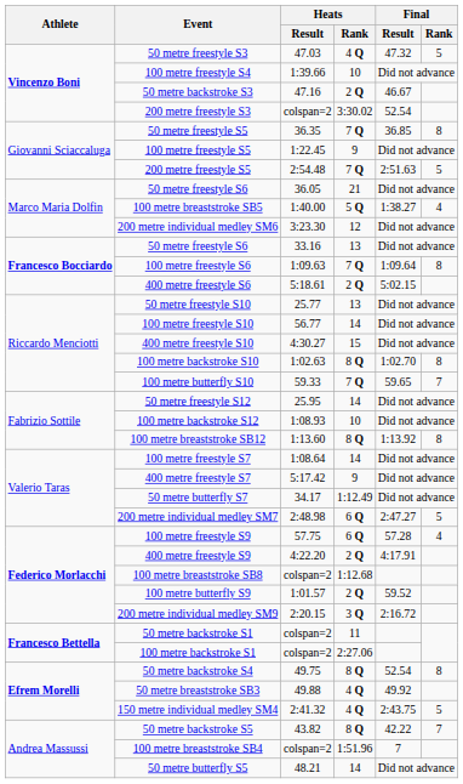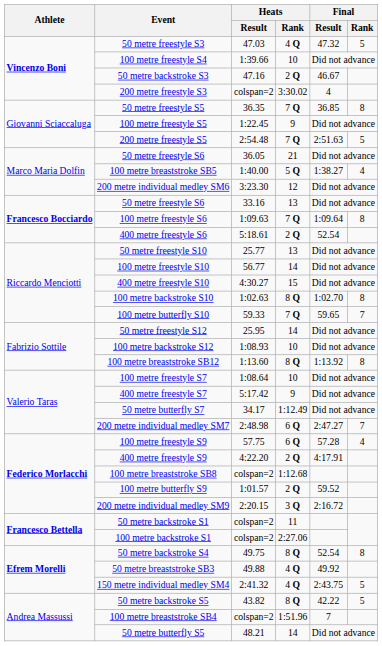 <table class=wikitable style="font-size:90%">
 <tr>
 <th rowspan="2">Athlete</th>
 <th rowspan="2">Event</th>
 <th colspan="2">Heats</th>
 <th colspan="2">Final</th>
 </tr>
 <tr>
 <th>Result</th>
 <th>Rank</th>
 <th>Result</th>
 <th>Rank</th>
 </tr>
 <tr align=center>
 <td align=left rowspan=4><strong><a href='#'>Vincenzo Boni</a></strong></td>
 <td><a href='#'>50 metre freestyle S3</a></td>
 <td>47.03</td>
 <td>4 <strong>Q</strong></td>
 <td>47.32</td>
 <td>5</td>
 </tr>
 <tr align="center">
 <td><a href='#'>100 metre freestyle S4</a></td>
 <td>1:39.66</td>
 <td>10</td>
 <td colspan="2">Did not advance</td>
 </tr>
 <tr align=center>
 <td><a href='#'>50 metre backstroke S3</a></td>
 <td>47.16</td>
 <td>2 <strong>Q</strong></td>
 <td>46.67</td>
 <td></td>
 </tr>
 <tr align=center>
 <td><a href='#'>200 metre freestyle S3</a></td>
 <td>colspan=2 </td>
 <td>3:30.02</td>
-<td>52.54</td>
+<td>4</td>
 </tr>
 <tr align="center">
 <td rowspan="3" align="left"><a href='#'>Giovanni Sciaccaluga</a></td>
 <td><a href='#'>50 metre freestyle S5</a></td>
 <td>36.35</td>
 <td>7 <strong>Q</strong></td>
 <td>36.85</td>
 <td>8</td>
 </tr>
 <tr align="center">
 <td><a href='#'>100 metre freestyle S5</a></td>
 <td>1:22.45</td>
 <td>9</td>
 <td colspan="2">Did not advance</td>
 </tr>
 <tr align="center">
 <td><a href='#'>200 metre freestyle S5</a></td>
 <td>2:54.48</td>
 <td>7 <strong>Q</strong></td>
 <td>2:51.63</td>
 <td>5</td>
 </tr>
 <tr align="center">
 <td rowspan="3" align="left"><a href='#'>Marco Maria Dolfin</a></td>
 <td><a href='#'>50 metre freestyle S6</a></td>
 <td>36.05</td>
 <td>21</td>
 <td colspan="2">Did not advance</td>
 </tr>
 <tr align=center>
 <td><a href='#'>100 metre breaststroke SB5</a></td>
 <td>1:40.00</td>
 <td>5 <strong>Q</strong></td>
 <td>1:38.27</td>
 <td>4</td>
 </tr>
 <tr align=center>
 <td><a href='#'>200 metre individual medley SM6</a></td>
 <td>3:23.30</td>
 <td>12</td>
 <td colspan=2>Did not advance</td>
 </tr>
 <tr align=center>
 <td align=left rowspan=3><strong><a href='#'>Francesco Bocciardo</a></strong></td>
 <td><a href='#'>50 metre freestyle S6</a></td>
 <td>33.16</td>
 <td>13</td>
 <td colspan=2>Did not advance</td>
 </tr>
 <tr align=center>
 <td><a href='#'>100 metre freestyle S6</a></td>
 <td>1:09.63</td>
 <td>7 <strong>Q</strong></td>
 <td>1:09.64</td>
 <td>8</td>
 </tr>
 <tr align=center>
 <td><a href='#'>400 metre freestyle S6</a></td>
 <td>5:18.61</td>
 <td>2 <strong>Q</strong></td>
-<td>5:02.15</td>
+<td>52.54</td>
 <td></td>
 </tr>
 <tr align=center>
 <td align=left rowspan=5><a href='#'>Riccardo Menciotti</a></td>
 <td><a href='#'>50 metre freestyle S10</a></td>
 <td>25.77</td>
 <td>13</td>
 <td colspan=2>Did not advance</td>
 </tr>
 <tr align=center>
 <td><a href='#'>100 metre freestyle S10</a></td>
 <td>56.77</td>
 <td>14</td>
 <td colspan=2>Did not advance</td>
 </tr>
 <tr align=center>
 <td><a href='#'>400 metre freestyle S10</a></td>
 <td>4:30.27</td>
 <td>15</td>
 <td colspan=2>Did not advance</td>
 </tr>
 <tr align=center>
 <td><a href='#'>100 metre backstroke S10</a></td>
 <td>1:02.63</td>
 <td>8 <strong>Q</strong></td>
 <td>1:02.70</td>
 <td>8</td>
 </tr>
 <tr align=center>
 <td><a href='#'>100 metre butterfly S10</a></td>
 <td>59.33</td>
 <td>7 <strong>Q</strong></td>
 <td>59.65</td>
 <td>7</td>
 </tr>
 <tr align=center>
 <td align=left rowspan=3><a href='#'>Fabrizio Sottile</a></td>
 <td><a href='#'>50 metre freestyle S12</a></td>
 <td>25.95</td>
 <td>14</td>
 <td colspan=2>Did not advance</td>
 </tr>
 <tr align=center>
 <td><a href='#'>100 metre backstroke S12</a></td>
 <td>1:08.93</td>
 <td>10</td>
 <td colspan=2>Did not advance</td>
 </tr>
 <tr align=center>
 <td><a href='#'>100 metre breaststroke SB12</a></td>
 <td>1:13.60</td>
 <td>8 <strong>Q</strong></td>
 <td>1:13.92</td>
 <td>8</td>
 </tr>
 <tr align=center>
 <td align=left rowspan=4><a href='#'>Valerio Taras</a></td>
 <td><a href='#'>100 metre freestyle S7</a></td>
 <td>1:08.64</td>
-<td>14</td>
+<td>10</td>
 <td colspan=2>Did not advance</td>
 </tr>
 <tr align=center>
 <td><a href='#'>400 metre freestyle S7</a></td>
 <td>5:17.42</td>
 <td>9</td>
 <td colspan=2>Did not advance</td>
 </tr>
 <tr align=center>
 <td><a href='#'>50 metre butterfly S7</a></td>
 <td>34.17</td>
 <td>1:12.49</td>
 <td colspan=2>Did not advance</td>
 </tr>
 <tr align=center>
 <td><a href='#'>200 metre individual medley SM7</a></td>
 <td>2:48.98</td>
 <td>6 <strong>Q</strong></td>
 <td>2:47.27</td>
-<td>5</td>
+<td>7</td>
 </tr>
 <tr align=center>
 <td align=left rowspan=5><strong><a href='#'>Federico Morlacchi</a></strong></td>
 <td><a href='#'>100 metre freestyle S9</a></td>
 <td>57.75</td>
 <td>6 <strong>Q</strong></td>
 <td>57.28</td>
 <td>4</td>
 </tr>
 <tr align=center>
 <td><a href='#'>400 metre freestyle S9</a></td>
 <td>4:22.20</td>
 <td>2 <strong>Q</strong></td>
 <td>4:17.91</td>
 <td></td>
 </tr>
 <tr align=center>
 <td><a href='#'>100 metre breaststroke SB8</a></td>
 <td>colspan=2 </td>
 <td>1:12.68</td>
 <td></td>
 </tr>
 <tr align=center>
 <td><a href='#'>100 metre butterfly S9</a></td>
 <td>1:01.57</td>
 <td>2 <strong>Q</strong></td>
 <td>59.52</td>
 <td></td>
 </tr>
 <tr align=center>
 <td><a href='#'>200 metre individual medley SM9</a></td>
 <td>2:20.15</td>
 <td>3 <strong>Q</strong></td>
 <td>2:16.72</td>
 <td></td>
 </tr>
 <tr align=center>
 <td align=left rowspan=2><strong><a href='#'>Francesco Bettella</a></strong></td>
 <td><a href='#'>50 metre backstroke S1</a></td>
 <td>colspan=2 </td>
 <td>11</td>
 <td></td>
 </tr>
 <tr align=center>
 <td><a href='#'>100 metre backstroke S1</a></td>
 <td>colspan=2 </td>
 <td>2:27.06</td>
 <td></td>
 </tr>
 <tr align=center>
 <td align=left rowspan=3><strong><a href='#'>Efrem Morelli</a></strong></td>
 <td><a href='#'>50 metre backstroke S4</a></td>
 <td>49.75</td>
 <td>8 <strong>Q</strong></td>
 <td>52.54</td>
 <td>8</td>
 </tr>
 <tr align=center>
 <td><a href='#'>50 metre breaststroke SB3</a></td>
 <td>49.88</td>
 <td>4 <strong>Q</strong></td>
 <td>49.92</td>
 <td></td>
 </tr>
 <tr align=center>
 <td><a href='#'>150 metre individual medley SM4</a></td>
 <td>2:41.32</td>
 <td>4 <strong>Q</strong></td>
 <td>2:43.75</td>
 <td>5</td>
 </tr>
 <tr align=center>
 <td align=left rowspan=3><a href='#'>Andrea Massussi</a></td>
 <td><a href='#'>50 metre backstroke S5</a></td>
 <td>43.82</td>
 <td>8 <strong>Q</strong></td>
 <td>42.22</td>
-<td>7</td>
+<td>5</td>
 </tr>
 <tr align=center>
 <td><a href='#'>100 metre breaststroke SB4</a></td>
 <td>colspan=2 </td>
 <td>1:51.96</td>
 <td>7</td>
 </tr>
 <tr align=center>
 <td><a href='#'>50 metre butterfly S5</a></td>
 <td>48.21</td>
 <td>14</td>
 <td colspan=2>Did not advance</td>
 </tr>
 </table>
